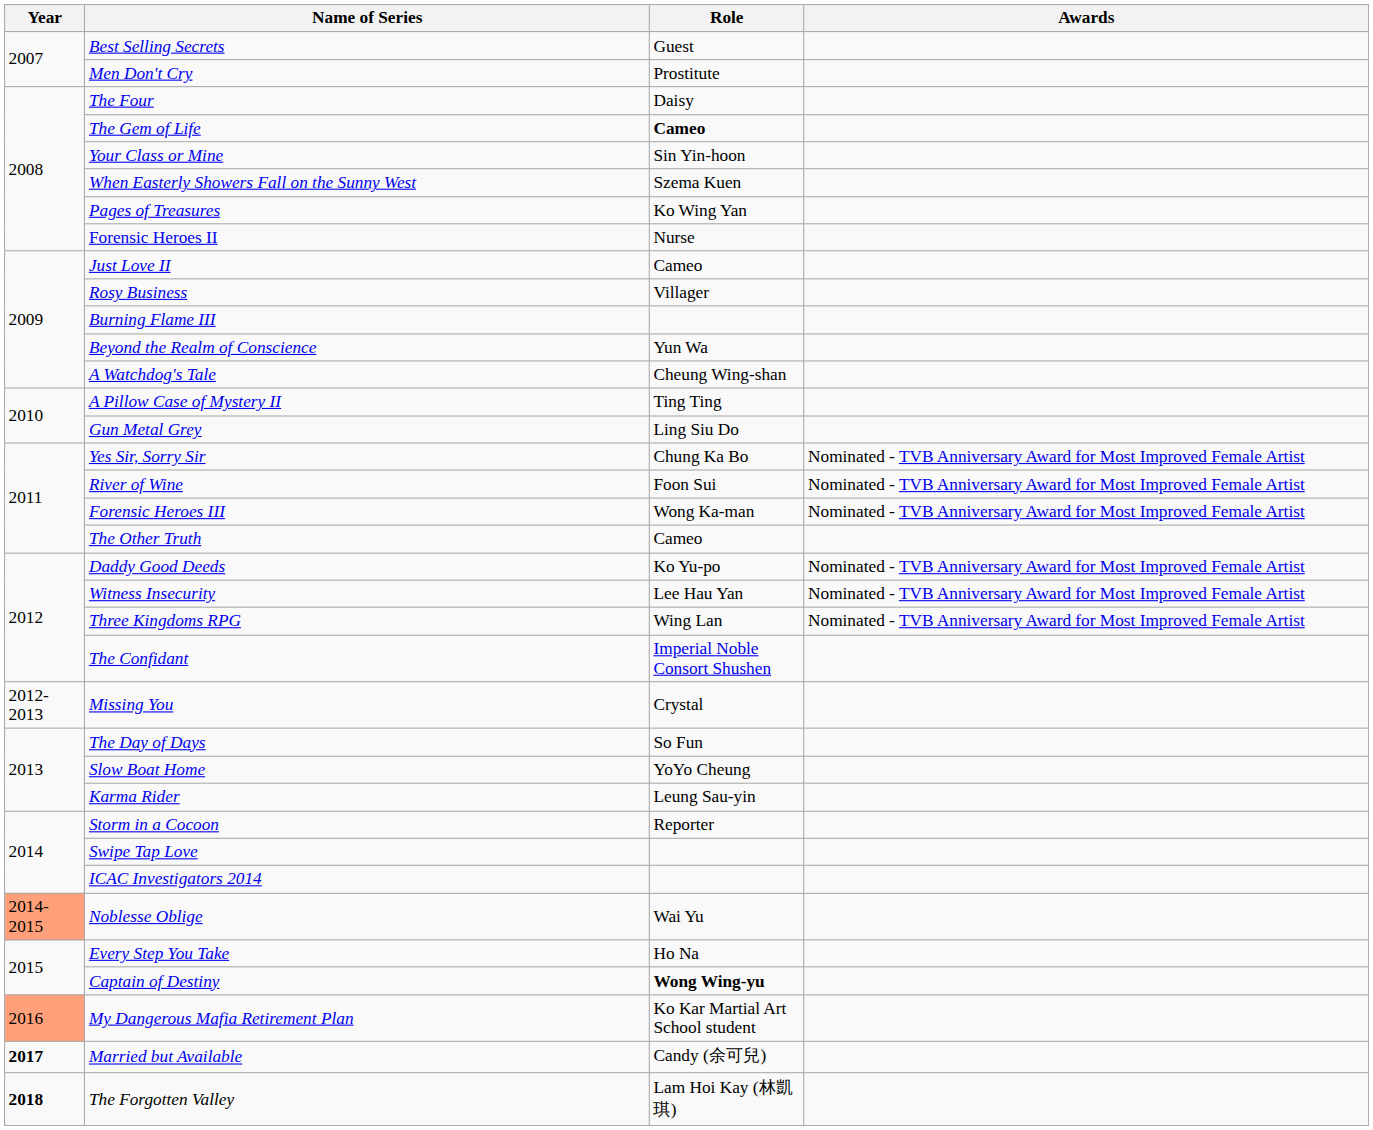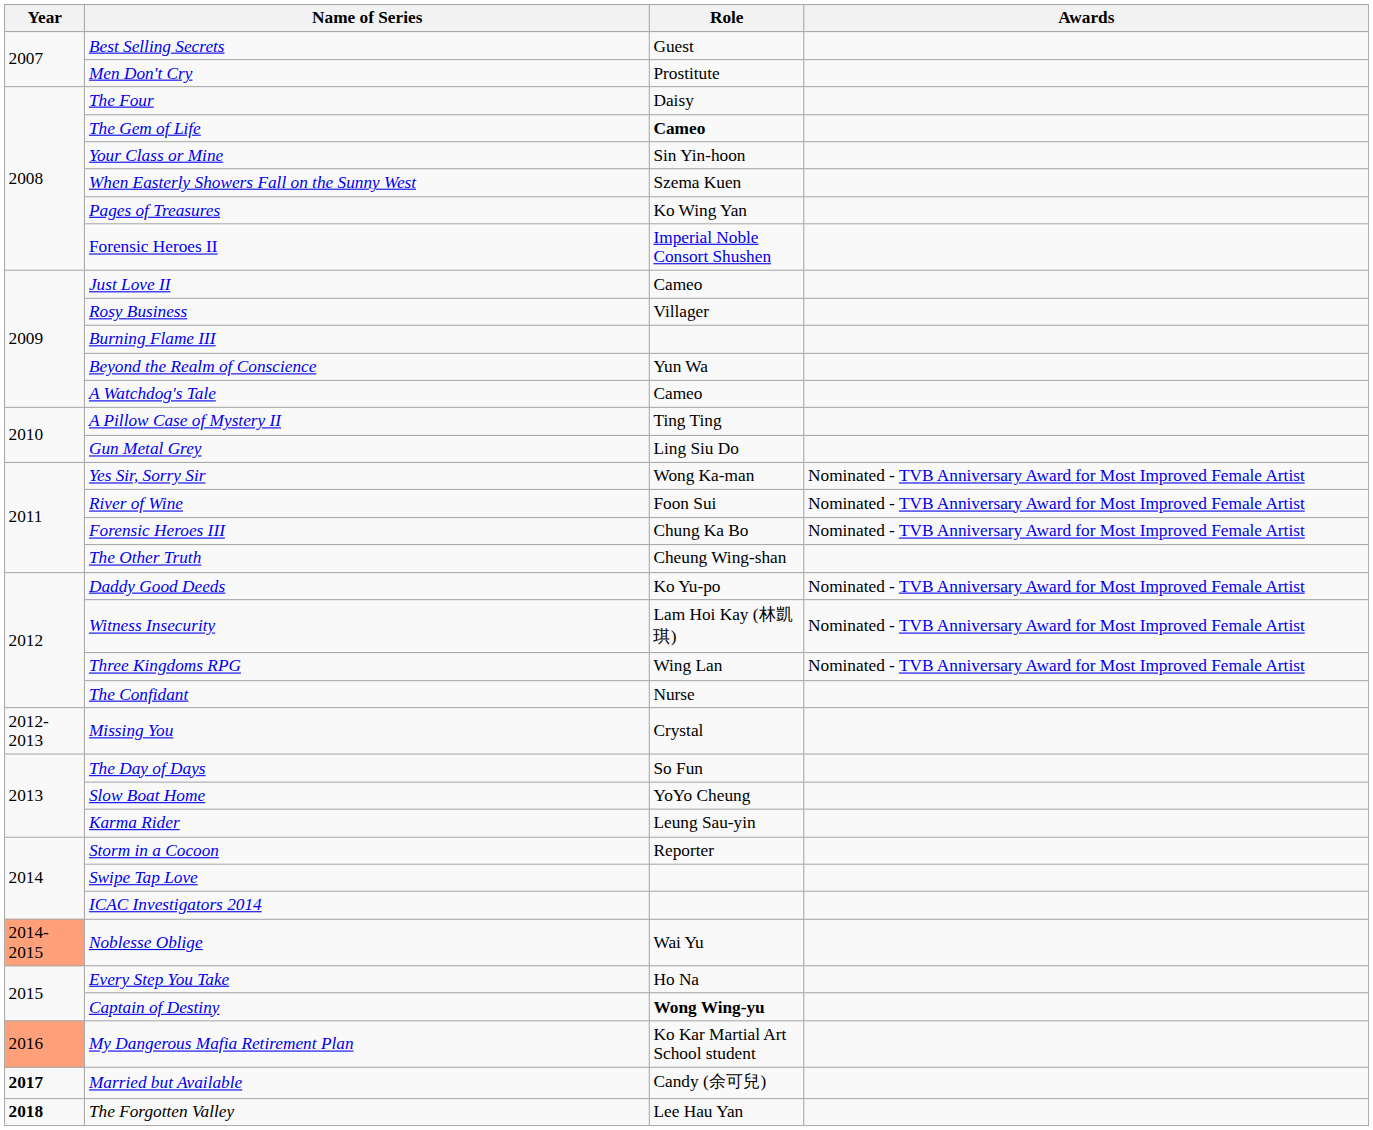 <table class="wikitable" width="100%">
 <tr>
 <th style="width:2%">Year</th>
 <th style="width:19%">Name of Series</th>
 <th style="width:5%">Role</th>
 <th style="width:19%">Awards</th>
 </tr>
 <tr>
 <td rowspan="2">2007</td>
 <td><em><a href='#'>Best Selling Secrets</a></em></td>
 <td>Guest</td>
 <td></td>
 </tr>
 <tr>
 <td><em><a href='#'>Men Don't Cry</a></em></td>
 <td>Prostitute</td>
 <td></td>
 </tr>
 <tr>
 <td rowspan="6">2008</td>
 <td><em><a href='#'>The Four</a></em></td>
 <td>Daisy</td>
 <td></td>
 </tr>
 <tr>
 <td><em><a href='#'>The Gem of Life</a></em></td>
 <td><strong>Cameo</strong></td>
 <td></td>
 </tr>
 <tr>
 <td><em><a href='#'>Your Class or Mine</a></em></td>
 <td>Sin Yin-hoon</td>
 <td></td>
 </tr>
 <tr>
 <td><em><a href='#'>When Easterly Showers Fall on the Sunny West</a></em></td>
 <td>Szema Kuen</td>
 <td></td>
 </tr>
 <tr>
 <td><em><a href='#'>Pages of Treasures</a></em></td>
 <td>Ko Wing Yan</td>
 <td></td>
 </tr>
 <tr>
 <td><a href='#'>Forensic Heroes II</a></td>
-<td>Nurse</td>
+<td><a href='#'>Imperial Noble Consort Shushen</a></td>
 <td></td>
 </tr>
 <tr>
 <td rowspan=5>2009</td>
 <td><em><a href='#'>Just Love II</a></em></td>
 <td>Cameo</td>
 <td></td>
 </tr>
 <tr>
 <td><em><a href='#'>Rosy Business</a></em></td>
 <td>Villager</td>
 <td></td>
 </tr>
 <tr>
 <td><em><a href='#'>Burning Flame III</a></em></td>
 <td></td>
 <td></td>
 </tr>
 <tr>
 <td><em><a href='#'>Beyond the Realm of Conscience</a></em></td>
 <td>Yun Wa</td>
 <td></td>
 </tr>
 <tr>
 <td><em><a href='#'>A Watchdog's Tale</a></em></td>
-<td>Cheung Wing-shan</td>
+<td>Cameo</td>
 <td></td>
 </tr>
 <tr>
 <td rowspan="2">2010</td>
 <td><em><a href='#'>A Pillow Case of Mystery II</a></em></td>
 <td>Ting Ting</td>
 <td></td>
 </tr>
 <tr>
 <td><em><a href='#'>Gun Metal Grey</a></em></td>
 <td>Ling Siu Do</td>
 <td></td>
 </tr>
 <tr>
 <td rowspan="4">2011</td>
 <td><em><a href='#'>Yes Sir, Sorry Sir</a></em></td>
-<td>Chung Ka Bo</td>
+<td>Wong Ka-man</td>
 <td>Nominated - <a href='#'>TVB Anniversary Award for Most Improved Female Artist</a></td>
 </tr>
 <tr>
 <td><em><a href='#'>River of Wine</a></em></td>
 <td>Foon Sui</td>
 <td>Nominated - <a href='#'>TVB Anniversary Award for Most Improved Female Artist</a></td>
 </tr>
 <tr>
 <td><em><a href='#'>Forensic Heroes III</a></em></td>
-<td>Wong Ka-man</td>
+<td>Chung Ka Bo</td>
 <td>Nominated - <a href='#'>TVB Anniversary Award for Most Improved Female Artist</a></td>
 </tr>
 <tr>
 <td><em><a href='#'>The Other Truth</a></em></td>
-<td>Cameo</td>
+<td>Cheung Wing-shan</td>
 <td></td>
 </tr>
 <tr>
 <td rowspan=4>2012</td>
 <td><em><a href='#'>Daddy Good Deeds</a></em></td>
 <td>Ko Yu-po</td>
 <td>Nominated - <a href='#'>TVB Anniversary Award for Most Improved Female Artist</a></td>
 </tr>
 <tr>
 <td><em><a href='#'>Witness Insecurity</a></em></td>
-<td>Lee Hau Yan</td>
+<td>Lam Hoi Kay (林凱琪)</td>
 <td>Nominated - <a href='#'>TVB Anniversary Award for Most Improved Female Artist</a></td>
 </tr>
 <tr>
 <td><em><a href='#'>Three Kingdoms RPG</a></em></td>
 <td>Wing Lan</td>
 <td>Nominated - <a href='#'>TVB Anniversary Award for Most Improved Female Artist</a></td>
 </tr>
 <tr>
 <td><em><a href='#'>The Confidant</a></em></td>
-<td><a href='#'>Imperial Noble Consort Shushen</a></td>
+<td>Nurse</td>
 <td></td>
 </tr>
 <tr>
 <td>2012-2013</td>
 <td><em><a href='#'>Missing You</a></em></td>
 <td>Crystal</td>
 <td></td>
 </tr>
 <tr>
 <td rowspan=3>2013</td>
 <td><em><a href='#'>The Day of Days</a></em></td>
 <td>So Fun</td>
 <td></td>
 </tr>
 <tr>
 <td><em><a href='#'>Slow Boat Home</a></em></td>
 <td>YoYo Cheung</td>
 <td></td>
 </tr>
 <tr>
 <td><em><a href='#'>Karma Rider</a> </em></td>
 <td>Leung Sau-yin</td>
 <td></td>
 </tr>
 <tr>
 <td rowspan=3>2014</td>
 <td><em><a href='#'>Storm in a Cocoon</a></em></td>
 <td>Reporter</td>
 <td></td>
 </tr>
 <tr>
 <td><em><a href='#'>Swipe Tap Love</a></em></td>
 <td></td>
 <td></td>
 </tr>
 <tr>
 <td><em><a href='#'>ICAC Investigators 2014</a></em></td>
 <td></td>
 <td></td>
 </tr>
 <tr>
 <td style="background: lightsalmon;">2014-2015</td>
 <td><em><a href='#'>Noblesse Oblige</a></em></td>
 <td>Wai Yu</td>
 <td></td>
 </tr>
 <tr>
 <td rowspan="2">2015</td>
 <td><em><a href='#'>Every Step You Take</a></em></td>
 <td>Ho Na</td>
 <td></td>
 </tr>
 <tr>
 <td><em><a href='#'>Captain of Destiny</a></em></td>
 <td><strong>Wong Wing-yu</strong></td>
 <td></td>
 </tr>
 <tr>
 <td style="background: lightsalmon;">2016</td>
 <td><em><a href='#'>My Dangerous Mafia Retirement Plan</a></em></td>
 <td>Ko Kar Martial Art School student</td>
 <td></td>
 </tr>
 <tr>
 <td><strong>2017</strong></td>
 <td><em><a href='#'>Married but Available</a></em></td>
 <td>Candy (余可兒)</td>
 <td></td>
 </tr>
 <tr>
 <td><strong>2018</strong></td>
 <td><em>The Forgotten Valley</em></td>
-<td>Lam Hoi Kay (林凱琪)</td>
+<td>Lee Hau Yan</td>
 <td></td>
 </tr>
 </table>
